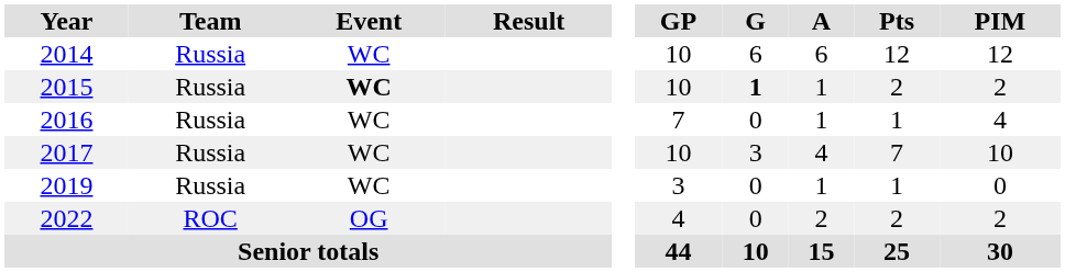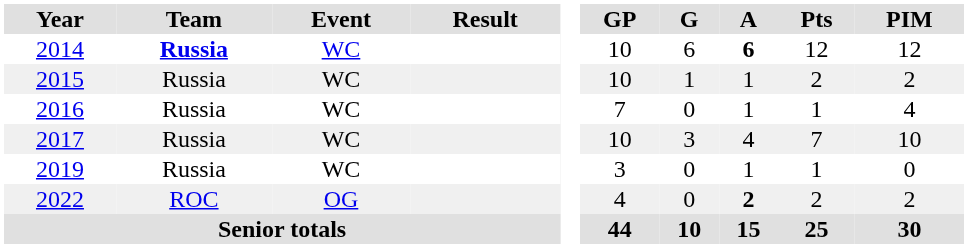 <table border="0" cellpadding="1" cellspacing="0" style="text-align:center; width:40em">
 <tr ALIGN="center" bgcolor="#e0e0e0">
 <th>Year</th>
 <th>Team</th>
 <th>Event</th>
 <th>Result</th>
 <th rowspan="99" bgcolor="#ffffff"> </th>
 <th>GP</th>
 <th>G</th>
 <th>A</th>
 <th>Pts</th>
 <th>PIM</th>
 </tr>
 <tr>
 <td><a href='#'>2014</a></td>
-<td><a href='#'>Russia</a></td>
+<td><strong><a href='#'>Russia</a></strong></td>
 <td><a href='#'>WC</a></td>
 <td></td>
 <td>10</td>
 <td>6</td>
-<td>6</td>
+<td><strong>6</strong></td>
 <td>12</td>
 <td>12</td>
 </tr>
 <tr bgcolor="#f0f0f0">
 <td><a href='#'>2015</a></td>
 <td>Russia</td>
-<td><strong>WC</strong></td>
+<td>WC</td>
 <td></td>
 <td>10</td>
-<td><strong>1</strong></td>
+<td>1</td>
 <td>1</td>
 <td>2</td>
 <td>2</td>
 </tr>
 <tr>
 <td><a href='#'>2016</a></td>
 <td>Russia</td>
 <td>WC</td>
 <td></td>
 <td>7</td>
 <td>0</td>
 <td>1</td>
 <td>1</td>
 <td>4</td>
 </tr>
 <tr bgcolor="#f0f0f0">
 <td><a href='#'>2017</a></td>
 <td>Russia</td>
 <td>WC</td>
 <td></td>
 <td>10</td>
 <td>3</td>
 <td>4</td>
 <td>7</td>
 <td>10</td>
 </tr>
 <tr>
 <td><a href='#'>2019</a></td>
 <td>Russia</td>
 <td>WC</td>
 <td></td>
 <td>3</td>
 <td>0</td>
 <td>1</td>
 <td>1</td>
 <td>0</td>
 </tr>
 <tr bgcolor="#f0f0f0">
 <td><a href='#'>2022</a></td>
 <td><a href='#'>ROC</a></td>
 <td><a href='#'>OG</a></td>
 <td></td>
 <td>4</td>
 <td>0</td>
-<td>2</td>
+<td><strong>2</strong></td>
 <td>2</td>
 <td>2</td>
 </tr>
 <tr bgcolor="#e0e0e0">
 <th colspan="4">Senior totals</th>
 <th>44</th>
 <th>10</th>
 <th>15</th>
 <th>25</th>
 <th>30</th>
 </tr>
 </table>
